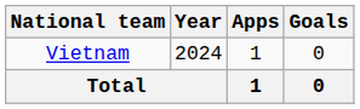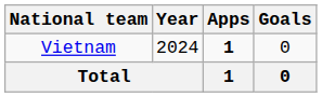 <table class="wikitable" style="text-align: center;">
 <tr>
 <th>National team</th>
 <th>Year</th>
 <th>Apps</th>
 <th>Goals</th>
 </tr>
 <tr>
 <td><a href='#'>Vietnam</a></td>
 <td>2024</td>
-<td>1</td>
+<td><strong>1</strong></td>
 <td>0</td>
 </tr>
 <tr>
 <th colspan="2">Total</th>
 <th>1</th>
 <th>0</th>
 </tr>
 </table>
